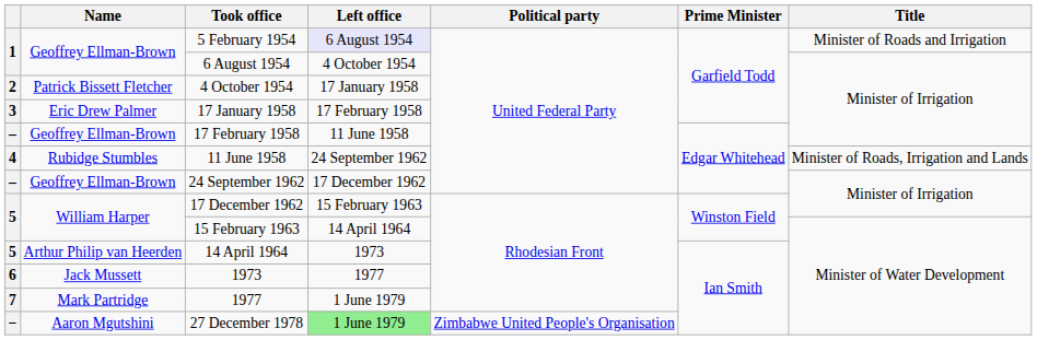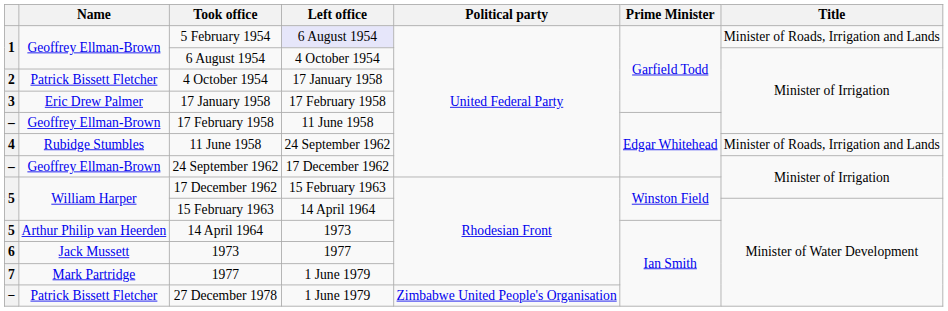 <table class="wikitable" style="text-align:center">
 <tr>
 <th></th>
 <th>Name</th>
 <th>Took office</th>
 <th>Left office</th>
 <th>Political party</th>
 <th>Prime Minister</th>
 <th>Title</th>
 </tr>
 <tr>
 <th rowspan="2" style="background:">1</th>
 <td rowspan="2"><a href='#'>Geoffrey Ellman-Brown</a></td>
 <td>5 February 1954</td>
 <td style="background: lavender;">6 August 1954</td>
 <td rowspan="7"><a href='#'>United Federal Party</a></td>
 <td rowspan="4"><a href='#'>Garfield Todd</a></td>
-<td>Minister of Roads and Irrigation</td>
+<td>Minister of Roads, Irrigation and Lands</td>
 </tr>
 <tr>
 <td>6 August 1954</td>
 <td>4 October 1954</td>
 <td rowspan="4">Minister of Irrigation</td>
 </tr>
 <tr>
 <th style="background:">2</th>
 <td><a href='#'>Patrick Bissett Fletcher</a></td>
 <td>4 October 1954</td>
 <td>17 January 1958</td>
 </tr>
 <tr>
 <th style="background:">3</th>
 <td><a href='#'>Eric Drew Palmer</a></td>
 <td>17 January 1958</td>
 <td>17 February 1958</td>
 </tr>
 <tr>
 <th style="background:">–</th>
 <td><a href='#'>Geoffrey Ellman-Brown</a></td>
 <td>17 February 1958</td>
 <td>11 June 1958</td>
 <td rowspan="3"><a href='#'>Edgar Whitehead</a></td>
 </tr>
 <tr>
 <th style="background:">4</th>
 <td><a href='#'>Rubidge Stumbles</a></td>
 <td>11 June 1958</td>
 <td>24 September 1962</td>
 <td>Minister of Roads, Irrigation and Lands</td>
 </tr>
 <tr>
 <th style="background:">–</th>
 <td><a href='#'>Geoffrey Ellman-Brown</a></td>
 <td>24 September 1962</td>
 <td>17 December 1962</td>
 <td rowspan="2">Minister of Irrigation</td>
 </tr>
 <tr>
 <th rowspan="2" style="background:">5</th>
 <td rowspan="2"><a href='#'>William Harper</a></td>
 <td>17 December 1962</td>
 <td>15 February 1963</td>
 <td rowspan="5"><a href='#'>Rhodesian Front</a></td>
 <td rowspan="2"><a href='#'>Winston Field</a></td>
 </tr>
 <tr>
 <td>15 February 1963</td>
 <td>14 April 1964</td>
 <td rowspan="5">Minister of Water Development</td>
 </tr>
 <tr>
 <th style="background:">5</th>
 <td><a href='#'>Arthur Philip van Heerden</a></td>
 <td>14 April 1964</td>
 <td>1973</td>
 <td rowspan="4"><a href='#'>Ian Smith</a></td>
 </tr>
 <tr>
 <th style="background:">6</th>
 <td><a href='#'>Jack Mussett</a></td>
 <td>1973</td>
 <td>1977</td>
 </tr>
 <tr>
 <th style="background:">7</th>
 <td><a href='#'>Mark Partridge</a></td>
 <td>1977</td>
 <td>1 June 1979</td>
 </tr>
 <tr>
 <th style="background:">−</th>
-<td><a href='#'>Aaron Mgutshini</a><br></td>
+<td><a href='#'>Patrick Bissett Fletcher</a></td>
 <td>27 December 1978</td>
-<td style="background: lightgreen;">1 June 1979</td>
+<td>1 June 1979</td>
 <td><a href='#'>Zimbabwe United People's Organisation</a></td>
 </tr>
 </table>
